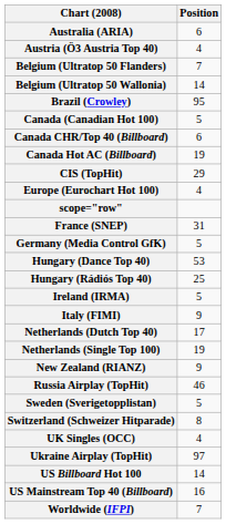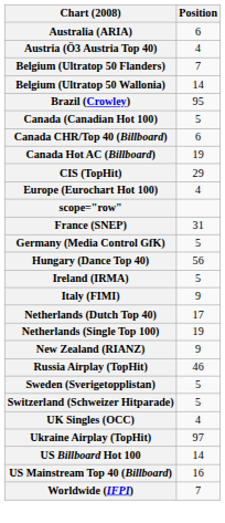 <table class="wikitable plainrowheaders sortable" style="text-align:center">
 <tr>
 <th scope="col">Chart (2008)</th>
 <th scope="col">Position</th>
 </tr>
 <tr>
 <th scope="row">Australia (ARIA)</th>
 <td style="text-align:center;">6</td>
 </tr>
 <tr>
 <th scope="row">Austria (Ö3 Austria Top 40)</th>
 <td style="text-align:center;">4</td>
 </tr>
 <tr>
 <th scope="row">Belgium (Ultratop 50 Flanders)</th>
 <td style="text-align:center;">7</td>
 </tr>
 <tr>
 <th scope="row">Belgium (Ultratop 50 Wallonia)</th>
 <td style="text-align:center;">14</td>
 </tr>
 <tr>
 <th scope="row">Brazil (<a href='#'>Crowley</a>)</th>
 <td style="text-align:center;">95</td>
 </tr>
 <tr>
 <th scope="row">Canada (Canadian Hot 100)</th>
 <td style="text-align:center;">5</td>
 </tr>
 <tr>
 <th scope="row">Canada CHR/Top 40 (<em>Billboard</em>)</th>
 <td>6</td>
 </tr>
 <tr>
 <th scope="row">Canada Hot AC (<em>Billboard</em>)</th>
 <td>19</td>
 </tr>
 <tr>
 <th scope="row">CIS (TopHit)</th>
 <td style="text-align:center;">29</td>
 </tr>
 <tr>
 <th scope="row">Europe (Eurochart Hot 100)</th>
 <td style="text-align:center;">4</td>
 </tr>
 <tr>
 <th>scope="row" </th>
 </tr>
 <tr>
 <th scope="row">France (SNEP)</th>
 <td style="text-align:center;">31</td>
 </tr>
 <tr>
 <th scope="row">Germany (Media Control GfK)</th>
 <td style="text-align:center;">5</td>
 </tr>
 <tr>
 <th scope="row">Hungary (Dance Top 40)</th>
-<td style="text-align:center;">53</td>
-</tr>
-<tr>
-<th scope="row">Hungary (Rádiós Top 40)</th>
-<td style="text-align:center;">25</td>
+<td style="text-align:center;">56</td>
 </tr>
 <tr>
 <th scope="row">Ireland (IRMA)</th>
 <td style="text-align:center;">5</td>
 </tr>
 <tr>
 <th scope="row">Italy (FIMI)</th>
 <td>9</td>
 </tr>
 <tr>
 <th scope="row">Netherlands (Dutch Top 40)</th>
 <td style="text-align:center;">17</td>
 </tr>
 <tr>
 <th scope="row">Netherlands (Single Top 100)</th>
 <td style="text-align:center;">19</td>
 </tr>
 <tr>
 <th scope="row">New Zealand (RIANZ)</th>
 <td style="text-align:center;">9</td>
 </tr>
 <tr>
 <th scope="row">Russia Airplay (TopHit)</th>
 <td>46</td>
 </tr>
 <tr>
 <th scope="row">Sweden (Sverigetopplistan)</th>
 <td align="center">5</td>
 </tr>
 <tr>
 <th scope="row">Switzerland (Schweizer Hitparade)</th>
-<td style="text-align:center;">8</td>
+<td style="text-align:center;">5</td>
 </tr>
 <tr>
 <th scope="row">UK Singles (OCC)</th>
 <td style="text-align:center;">4</td>
 </tr>
 <tr>
 <th scope="row">Ukraine Airplay (TopHit)</th>
 <td>97</td>
 </tr>
 <tr>
 <th scope="row">US <em>Billboard</em> Hot 100</th>
 <td style="text-align:center;">14</td>
 </tr>
 <tr>
 <th scope="row">US Mainstream Top 40 (<em>Billboard</em>)</th>
 <td style="text-align:center;">16</td>
 </tr>
 <tr>
 <th scope="row">Worldwide (<em><a href='#'>IFPI</a></em>)</th>
 <td>7</td>
 </tr>
 </table>
